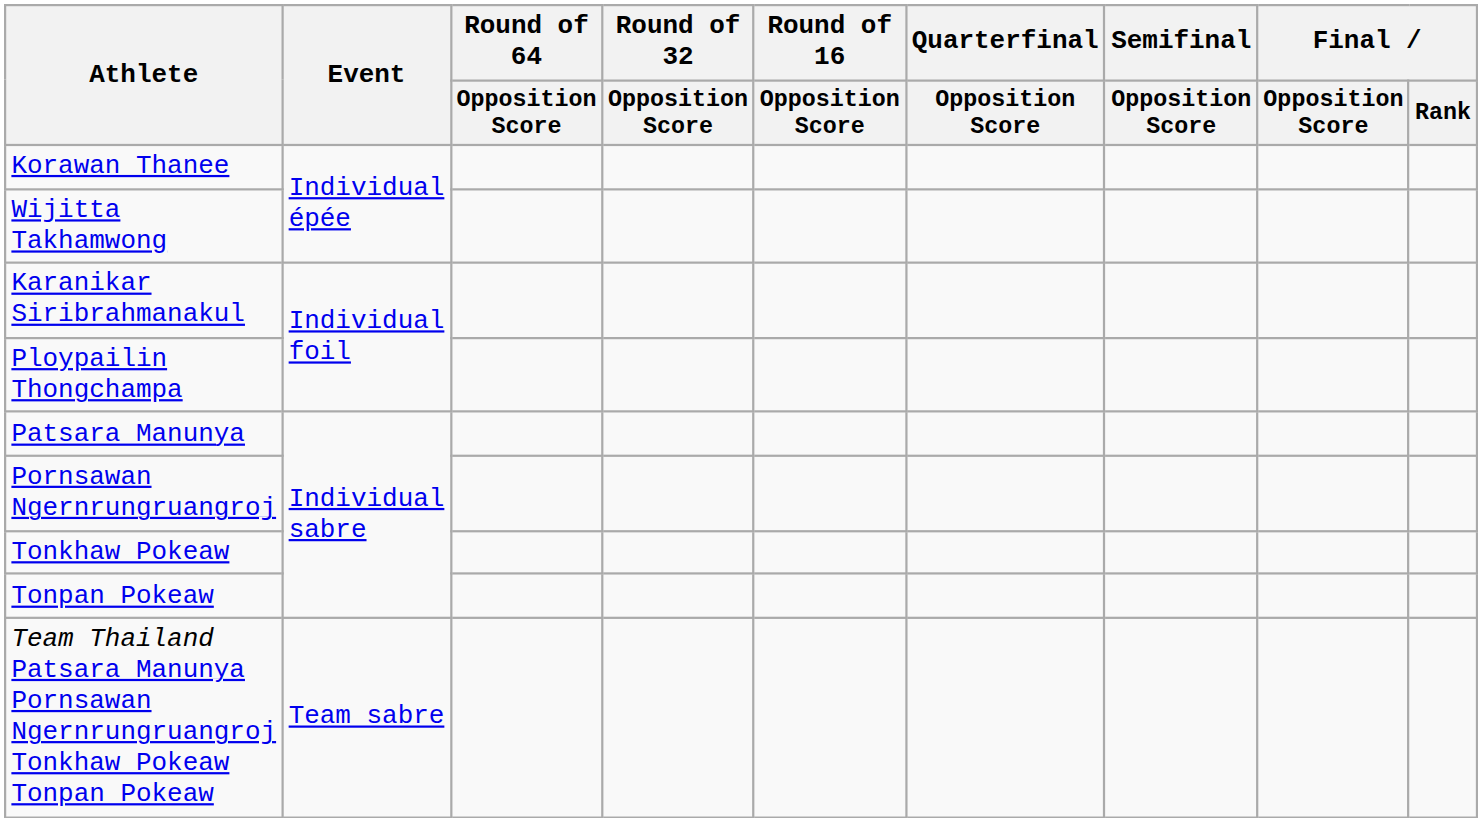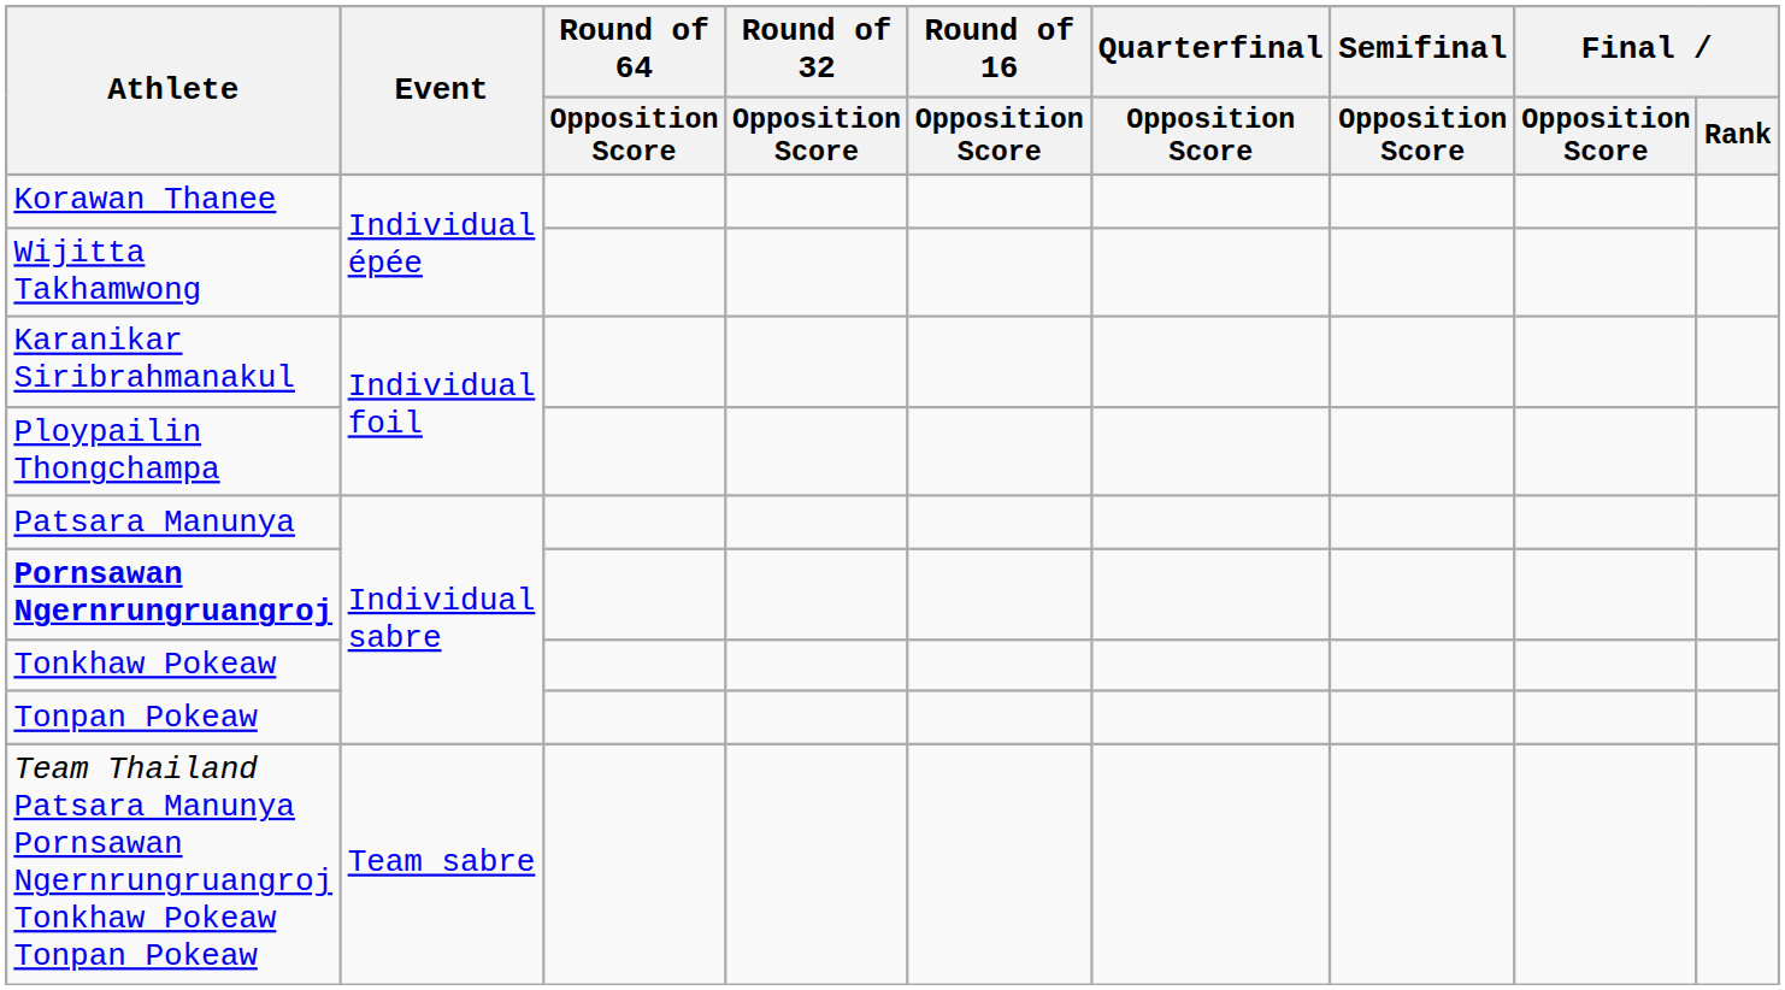 <table class="wikitable" style="font-size:90%">
 <tr>
 <th rowspan=2>Athlete</th>
 <th rowspan=2>Event</th>
 <th>Round of 64</th>
 <th>Round of 32</th>
 <th>Round of 16</th>
 <th>Quarterfinal</th>
 <th>Semifinal</th>
 <th colspan=2>Final / </th>
 </tr>
 <tr style="font-size:90%">
 <th>Opposition<br>Score</th>
 <th>Opposition<br>Score</th>
 <th>Opposition<br>Score</th>
 <th>Opposition<br>Score</th>
 <th>Opposition<br>Score</th>
 <th>Opposition<br>Score</th>
 <th>Rank</th>
 </tr>
 <tr align=center>
 <td align=left><a href='#'>Korawan Thanee</a></td>
 <td rowspan=2 align=left><a href='#'>Individual épée</a></td>
 <td></td>
 <td></td>
 <td></td>
 <td></td>
 <td></td>
 <td></td>
 <td></td>
 </tr>
 <tr align=center>
 <td align=left><a href='#'>Wijitta Takhamwong</a></td>
 <td></td>
 <td></td>
 <td></td>
 <td></td>
 <td></td>
 <td></td>
 <td></td>
 </tr>
 <tr align=center>
 <td align=left><a href='#'>Karanikar Siribrahmanakul</a></td>
 <td rowspan=2 align=left><a href='#'>Individual foil</a></td>
 <td></td>
 <td></td>
 <td></td>
 <td></td>
 <td></td>
 <td></td>
 <td></td>
 </tr>
 <tr align=center>
 <td align=left><a href='#'>Ploypailin Thongchampa</a></td>
 <td></td>
 <td></td>
 <td></td>
 <td></td>
 <td></td>
 <td></td>
 <td></td>
 </tr>
 <tr align=center>
 <td align=left><a href='#'>Patsara Manunya</a></td>
 <td rowspan=4 align=left><a href='#'>Individual sabre</a></td>
 <td></td>
 <td></td>
 <td></td>
 <td></td>
 <td></td>
 <td></td>
 <td></td>
 </tr>
 <tr align=center>
-<td align=left><a href='#'>Pornsawan Ngernrungruangroj</a></td>
+<td align=left><strong><a href='#'>Pornsawan Ngernrungruangroj</a></strong></td>
 <td></td>
 <td></td>
 <td></td>
 <td></td>
 <td></td>
 <td></td>
 <td></td>
 </tr>
 <tr align=center>
 <td align=left><a href='#'>Tonkhaw Pokeaw</a></td>
 <td></td>
 <td></td>
 <td></td>
 <td></td>
 <td></td>
 <td></td>
 <td></td>
 </tr>
 <tr align=center>
 <td align=left><a href='#'>Tonpan Pokeaw</a></td>
 <td></td>
 <td></td>
 <td></td>
 <td></td>
 <td></td>
 <td></td>
 <td></td>
 </tr>
 <tr align=center>
 <td align=left><em>Team Thailand</em><br><a href='#'>Patsara Manunya</a><br><a href='#'>Pornsawan Ngernrungruangroj</a><br><a href='#'>Tonkhaw Pokeaw</a><br><a href='#'>Tonpan Pokeaw</a></td>
 <td align=left><a href='#'>Team sabre</a></td>
 <td></td>
 <td></td>
 <td></td>
 <td></td>
 <td></td>
 <td></td>
 <td></td>
 </tr>
 </table>
